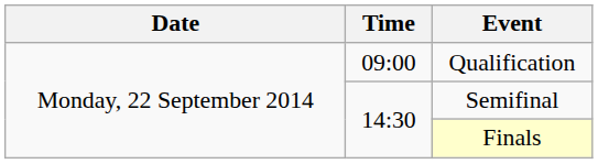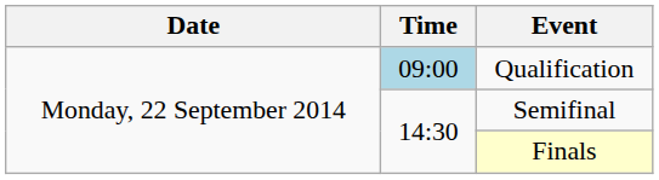 <table class = "wikitable" style="text-align:center;">
 <tr>
 <th width=220>Date</th>
 <th width=50>Time</th>
 <th width=100>Event</th>
 </tr>
 <tr>
 <td rowspan=3>Monday, 22 September 2014</td>
-<td>09:00</td>
+<td style="background: lightblue;">09:00</td>
 <td>Qualification</td>
 </tr>
 <tr>
 <td rowspan=2>14:30</td>
 <td>Semifinal</td>
 </tr>
 <tr>
 <td bgcolor=ffffcc>Finals</td>
 </tr>
 </table>
